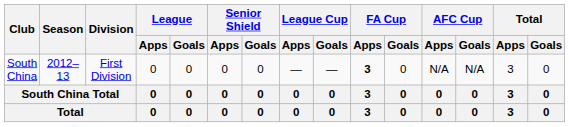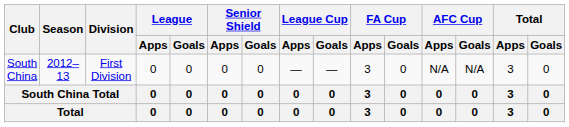 <table class="wikitable" style="text-align: center;">
 <tr>
 <th rowspan="2">Club</th>
 <th rowspan="2">Season</th>
 <th rowspan="2">Division</th>
 <th colspan="2"><a href='#'>League</a></th>
 <th colspan="2"><a href='#'>Senior Shield</a></th>
 <th colspan="2"><a href='#'>League Cup</a></th>
 <th colspan="2"><a href='#'>FA Cup</a></th>
 <th colspan="2"><a href='#'>AFC Cup</a></th>
 <th colspan="2">Total</th>
 </tr>
 <tr>
 <th>Apps</th>
 <th>Goals</th>
 <th>Apps</th>
 <th>Goals</th>
 <th>Apps</th>
 <th>Goals</th>
 <th>Apps</th>
 <th>Goals</th>
 <th>Apps</th>
 <th>Goals</th>
 <th>Apps</th>
 <th>Goals</th>
 </tr>
 <tr>
 <td rowspan="1" valign="center"><a href='#'>South China</a></td>
 <td><a href='#'>2012–13</a></td>
 <td><a href='#'>First Division</a></td>
 <td>0</td>
 <td>0</td>
 <td>0</td>
 <td>0</td>
 <td>—</td>
 <td>—</td>
-<td><strong>3</strong></td>
+<td>3</td>
 <td>0</td>
 <td>N/A</td>
 <td>N/A</td>
 <td>3</td>
 <td>0</td>
 </tr>
 <tr>
 <th colspan="3">South China Total</th>
 <th>0</th>
 <th>0</th>
 <th>0</th>
 <th>0</th>
 <th>0</th>
 <th>0</th>
 <th>3</th>
 <th>0</th>
 <th>0</th>
 <th>0</th>
 <th>3</th>
 <th>0</th>
 </tr>
 <tr>
 <th colspan="3">Total</th>
 <th>0</th>
 <th>0</th>
 <th>0</th>
 <th>0</th>
 <th>0</th>
 <th>0</th>
 <th>3</th>
 <th>0</th>
 <th>0</th>
 <th>0</th>
 <th>3</th>
 <th>0</th>
 </tr>
 </table>
